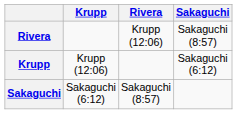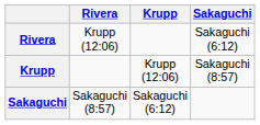 <table class="wikitable" style="margin: 1em auto;">
 <tr align="center">
 <th> </th>
+<th><a href='#'>Rivera</a></th>
 <th><a href='#'>Krupp</a></th>
-<th><a href='#'>Rivera</a></th>
 <th><a href='#'>Sakaguchi</a></th>
 </tr>
 <tr align="center">
 <th><a href='#'>Rivera</a></th>
+<td>Krupp<br>(12:06)</td>
+<td></td>
+<td>Sakaguchi<br>(6:12)</td>
+</tr>
+<tr align="center">
+<th><a href='#'>Krupp</a></th>
 <td></td>
 <td>Krupp<br>(12:06)</td>
 <td>Sakaguchi<br>(8:57)</td>
 </tr>
 <tr align="center">
-<th><a href='#'>Krupp</a></th>
-<td>Krupp<br>(12:06)</td>
-<td></td>
+<th><a href='#'>Sakaguchi</a></th>
+<td>Sakaguchi<br>(8:57)</td>
 <td>Sakaguchi<br>(6:12)</td>
-</tr>
-<tr align="center">
-<th><a href='#'>Sakaguchi</a></th>
-<td>Sakaguchi<br>(6:12)</td>
-<td>Sakaguchi<br>(8:57)</td>
 <td></td>
 </tr>
 </table>
